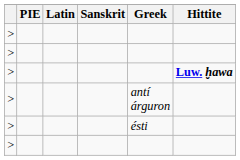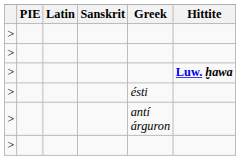 <table class="wikitable">
 <tr>
 </tr>
 <tr>
 <th></th>
 <th>PIE</th>
 <th>Latin</th>
 <th>Sanskrit</th>
 <th>Greek</th>
 <th>Hittite</th>
 </tr>
 <tr>
 <td> > </td>
 <td></td>
 <td></td>
 <td></td>
 <td></td>
 <td></td>
 </tr>
 <tr>
 <td> > </td>
 <td></td>
 <td></td>
 <td></td>
 <td></td>
 <td></td>
 </tr>
 <tr>
 <td> > </td>
 <td></td>
 <td></td>
 <td></td>
 <td></td>
 <td><strong><a href='#'>Luw.</a> <em>ḫawa</em></strong></td>
 </tr>
 <tr>
 <td> > </td>
 <td></td>
 <td></td>
 <td></td>
-<td><em>antí</em><br><em>árguron</em></td>
+<td><em>ésti</em></td>
 <td></td>
 </tr>
 <tr>
 <td> > </td>
 <td><br></td>
 <td><br></td>
 <td><br></td>
-<td><em>ésti</em></td>
+<td><em>antí</em><br><em>árguron</em></td>
 <td><br></td>
 </tr>
 <tr>
 <td> > </td>
 <td></td>
 <td></td>
 <td></td>
 <td></td>
 <td></td>
 </tr>
 </table>
